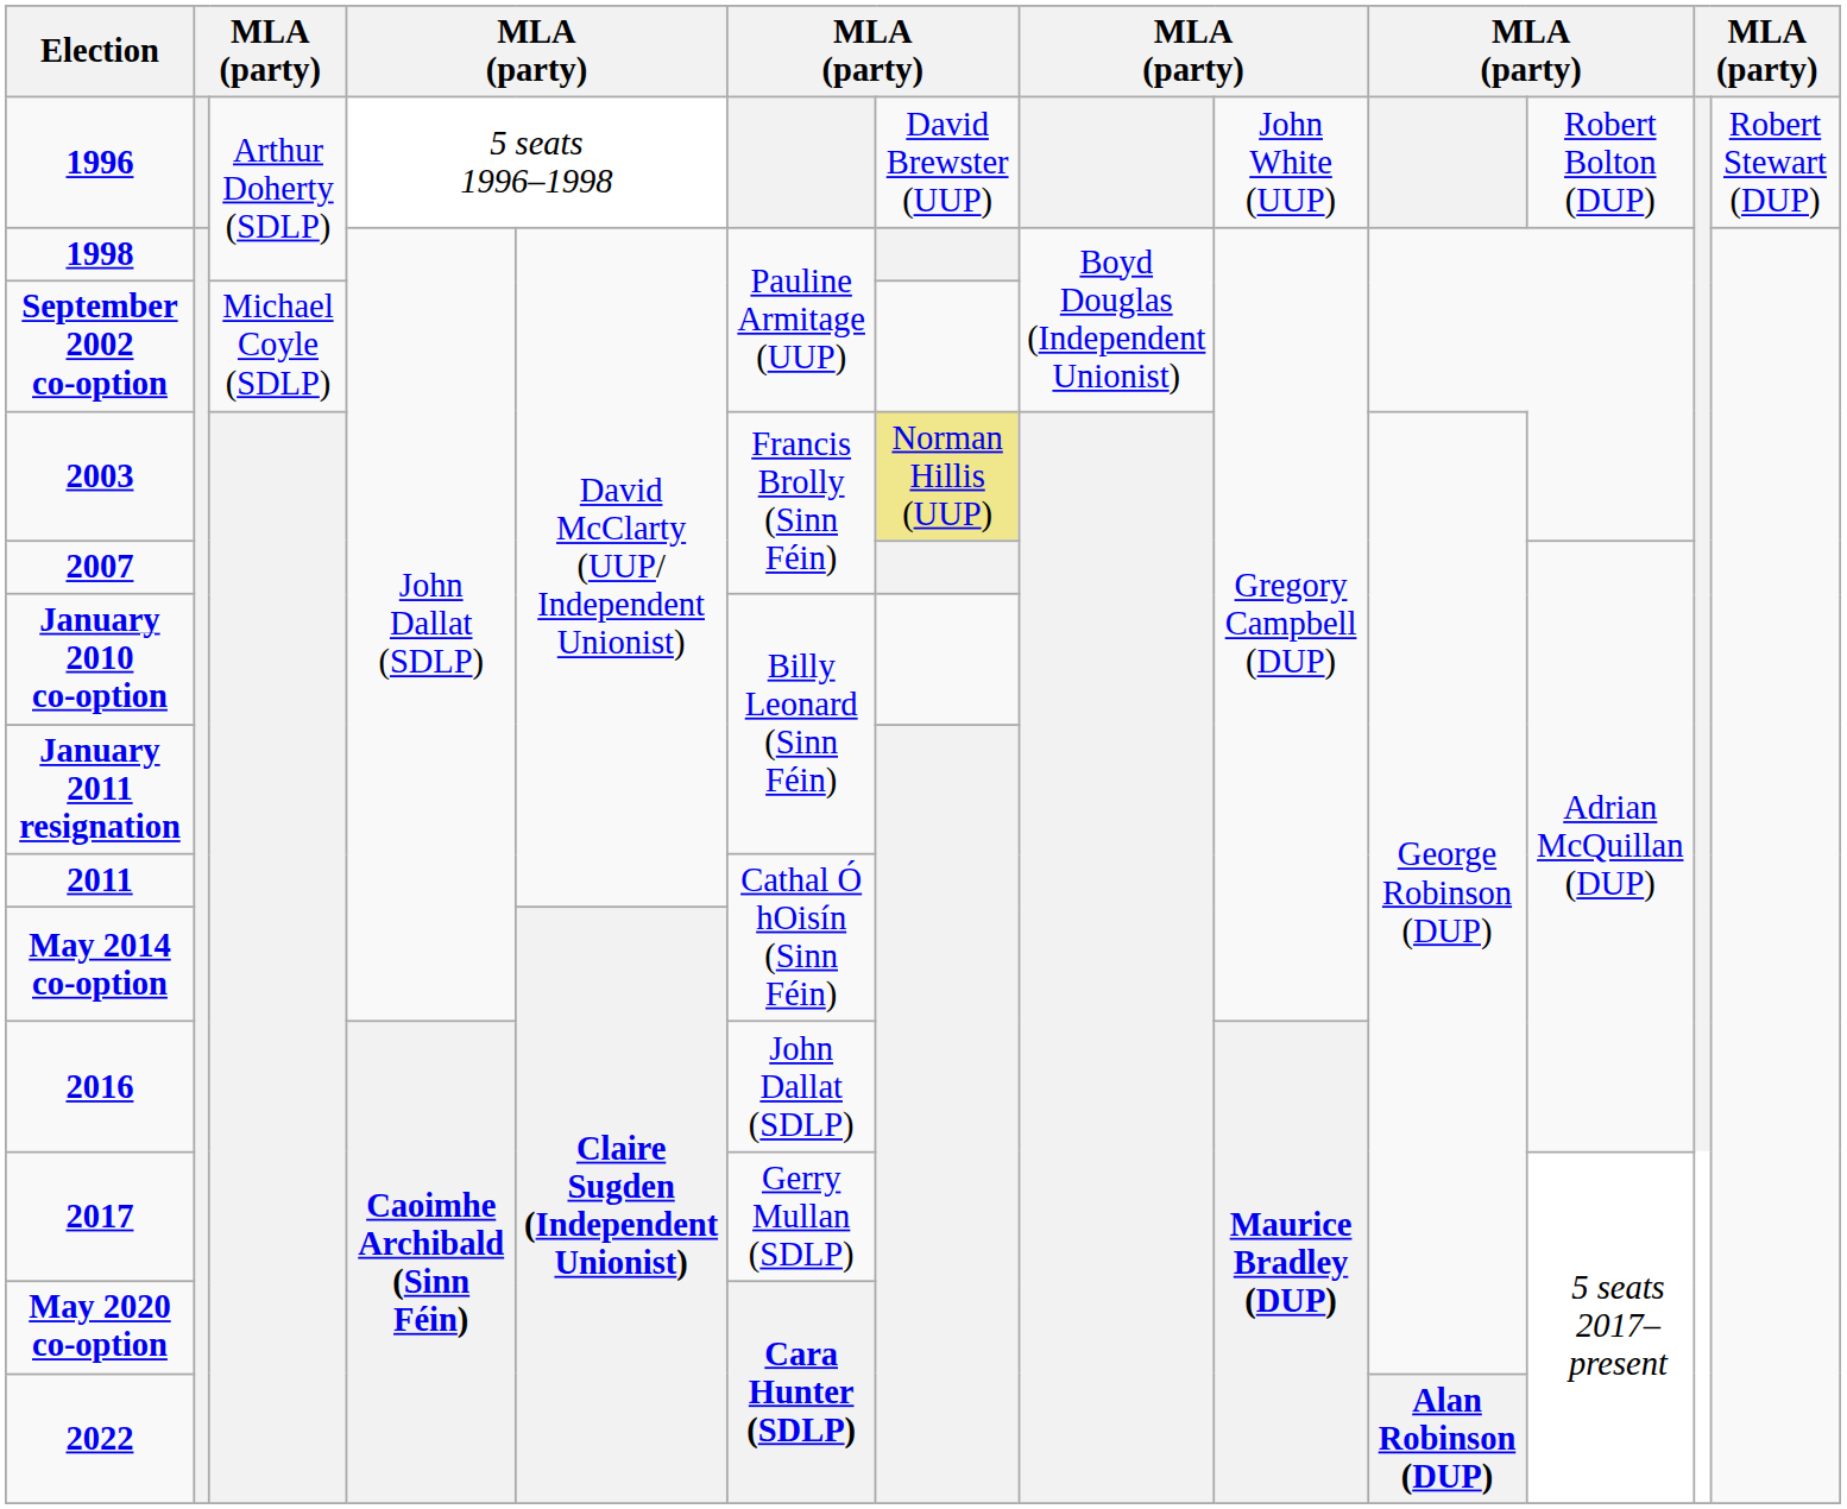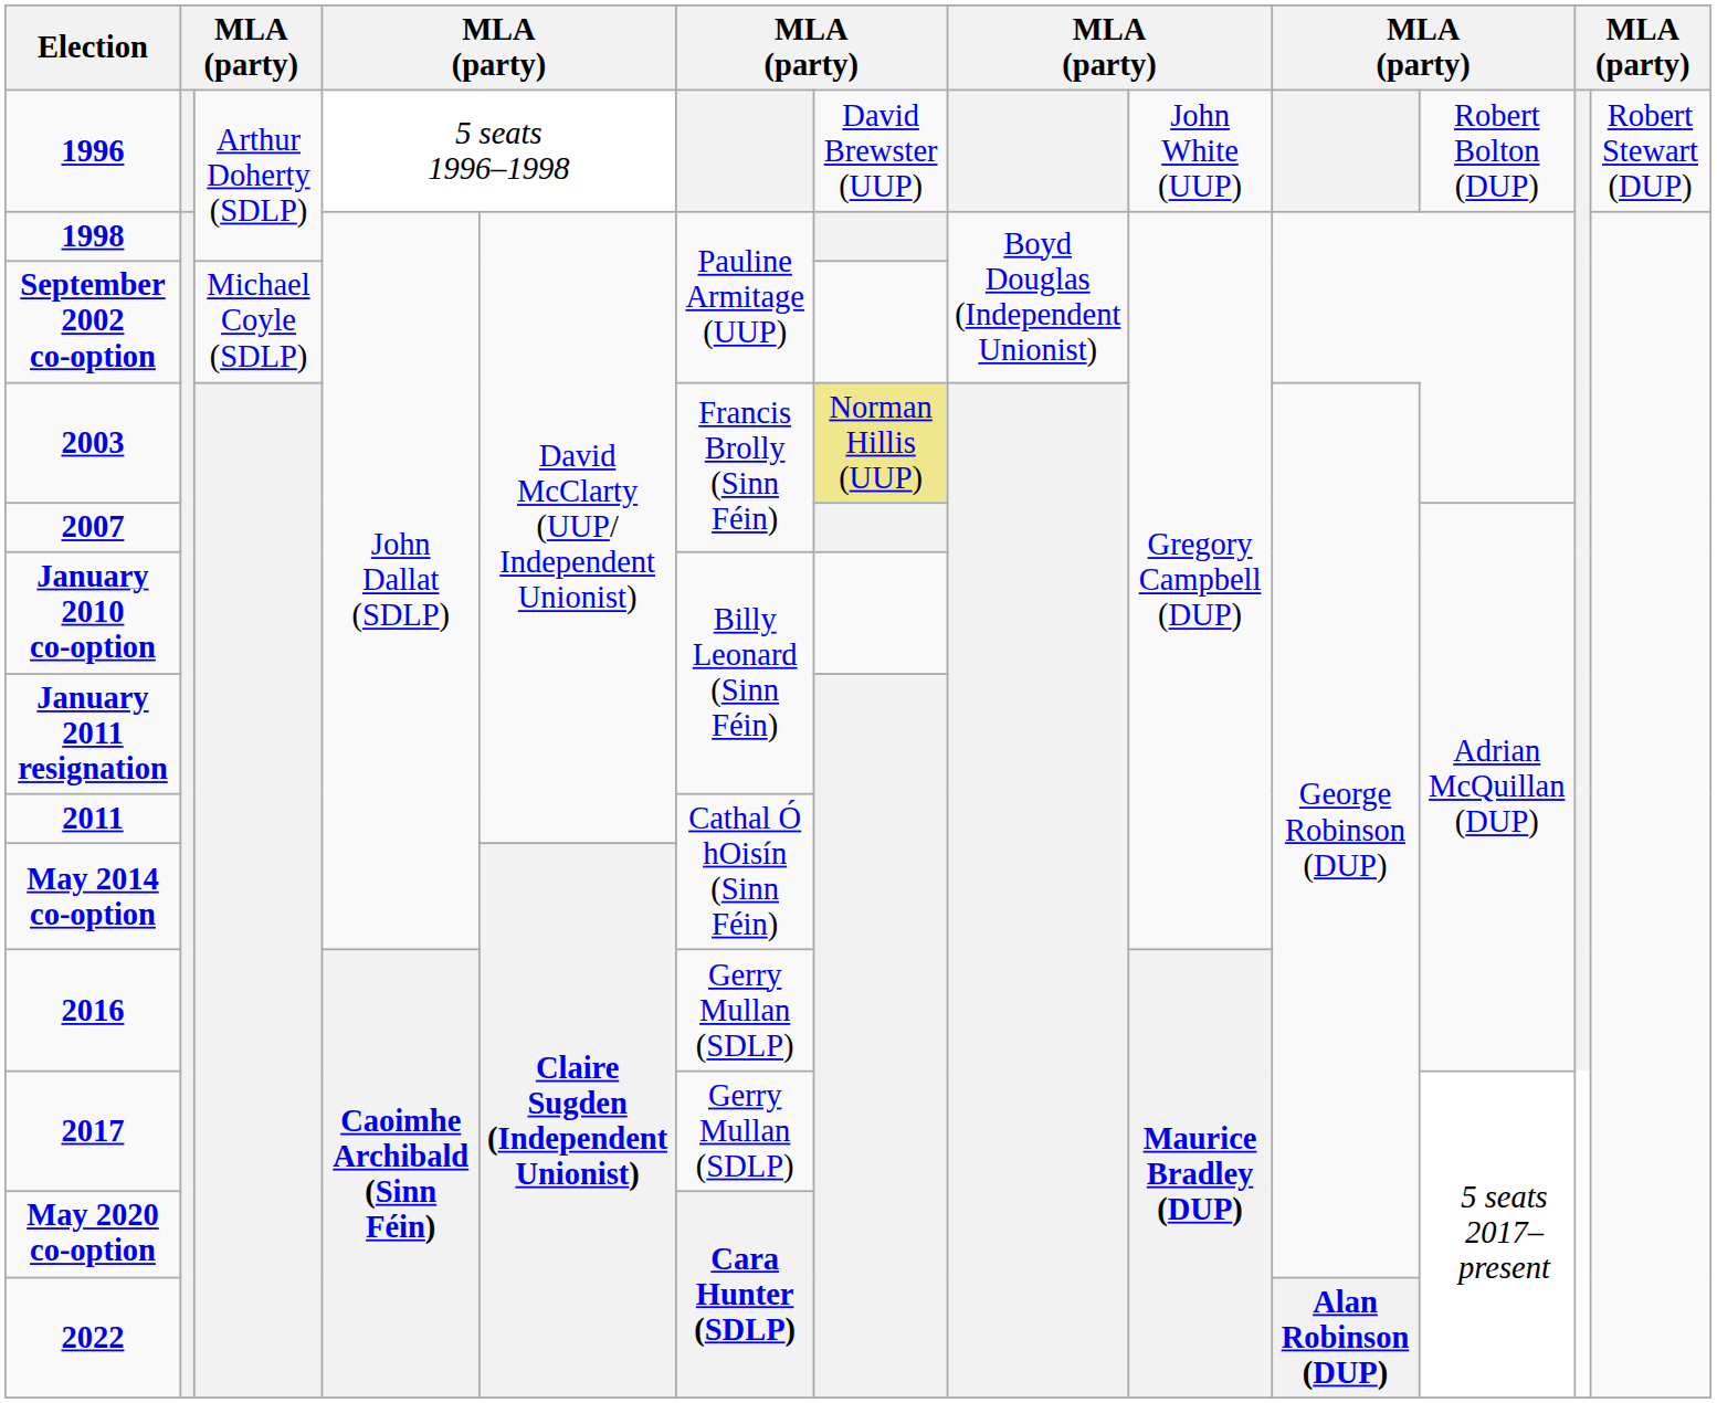 <table class="wikitable" style="text-align:center">
 <tr>
 <th>Election</th>
 <th scope="col" width="150" colspan = "2">MLA<br> (party)</th>
 <th scope="col" width="150" colspan = "2">MLA<br> (party)</th>
 <th scope="col" width="150" colspan = "2">MLA<br> (party)</th>
 <th scope="col" width="150" colspan = "2">MLA<br> (party)</th>
 <th scope="col" width="150" colspan = "2">MLA<br> (party)</th>
 <th scope="col" width="150" colspan = "2">MLA<br> (party)</th>
 </tr>
 <tr>
 <td><strong><a href='#'>1996</a></strong></td>
 <th style="background-color: "></th>
 <td rowspan=2><a href='#'>Arthur Doherty</a><br>(<a href='#'>SDLP</a>)</td>
 <td style="background-color:#FFFFFF" colspan=2><em>5 seats<br>1996–1998</em></td>
 <th style="background-color: "></th>
 <td><a href='#'>David Brewster</a><br>(<a href='#'>UUP</a>)</td>
 <th style="background-color: "></th>
 <td><a href='#'>John White</a><br>(<a href='#'>UUP</a>)</td>
 <th style="background-color: "></th>
 <td><a href='#'>Robert Bolton</a><br>(<a href='#'>DUP</a>)</td>
 <th rowspan="13" style="background-color: "></th>
 <td><a href='#'>Robert Stewart</a><br>(<a href='#'>DUP</a>)</td>
 </tr>
 <tr>
 <td><strong><a href='#'>1998</a></strong></td>
 <th rowspan="12" style="background-color: "></th>
 <td rowspan=8><a href='#'>John Dallat</a><br>(<a href='#'>SDLP</a>)</td>
 <td rowspan=7><a href='#'>David McClarty</a><br>(<a href='#'>UUP</a>/<br><a href='#'>Independent<br>Unionist</a>)</td>
 <td rowspan=2><a href='#'>Pauline Armitage</a><br>(<a href='#'>UUP</a>)</td>
 <th style="background-color: "></th>
 <td rowspan=2><a href='#'>Boyd Douglas</a><br>(<a href='#'>Independent<br>Unionist</a>)</td>
 <td rowspan=8><a href='#'>Gregory Campbell</a><br>(<a href='#'>DUP</a>)</td>
 </tr>
 <tr>
 <td><strong><a href='#'>September 2002<br>co-option</a></strong></td>
 <td><a href='#'>Michael Coyle</a><br>(<a href='#'>SDLP</a>)</td>
 </tr>
 <tr>
 <td><strong><a href='#'>2003</a></strong></td>
 <th rowspan="10" style="background-color: "></th>
 <td rowspan=2><a href='#'>Francis Brolly</a><br>(<a href='#'>Sinn Féin</a>)</td>
 <td style="background: khaki;"><a href='#'>Norman Hillis</a><br>(<a href='#'>UUP</a>)</td>
 <th rowspan="10" style="background-color: "></th>
 <td rowspan="9"><a href='#'>George Robinson</a><br>(<a href='#'>DUP</a>)</td>
 </tr>
 <tr>
 <td><strong><a href='#'>2007</a></strong></td>
 <th style="background-color: "></th>
 <td rowspan=6><a href='#'>Adrian McQuillan</a><br>(<a href='#'>DUP</a>)</td>
 </tr>
 <tr>
 <td><strong><a href='#'>January 2010<br>co-option</a></strong></td>
 <td rowspan="2"><a href='#'>Billy Leonard</a><br>(<a href='#'>Sinn Féin</a>)</td>
 </tr>
 <tr>
 <td><strong><a href='#'>January 2011 resignation</a></strong></td>
 <th rowspan="7" style="background-color: "></th>
 </tr>
 <tr>
 <td><strong><a href='#'>2011</a></strong></td>
 <td rowspan=2><a href='#'>Cathal Ó hOisín</a><br>(<a href='#'>Sinn Féin</a>)</td>
 </tr>
 <tr>
 <td><strong><a href='#'>May 2014<br>co-option</a></strong></td>
 <th rowspan="5"><a href='#'>Claire Sugden</a><br>(<a href='#'>Independent<br>Unionist</a>)</th>
 </tr>
 <tr>
 <td><strong><a href='#'>2016</a></strong></td>
 <th rowspan="4"><a href='#'>Caoimhe Archibald</a><br>(<a href='#'>Sinn Féin</a>)</th>
-<td><a href='#'>John Dallat</a><br>(<a href='#'>SDLP</a>)</td>
+<td><a href='#'>Gerry Mullan</a><br>(<a href='#'>SDLP</a>)</td>
 <th rowspan="4"><a href='#'>Maurice Bradley</a><br>(<a href='#'>DUP</a>)</th>
 </tr>
 <tr>
 <td><strong><a href='#'>2017</a></strong></td>
 <td><a href='#'>Gerry Mullan</a><br>(<a href='#'>SDLP</a>)</td>
 <td colspan="2" rowspan="3" style="background-color:#FFFFFF"><em>5 seats<br>2017–present</em></td>
 </tr>
 <tr>
 <td><strong><a href='#'>May 2020<br>co-option</a></strong></td>
 <th rowspan="2"><a href='#'>Cara Hunter</a><br>(<a href='#'>SDLP</a>)</th>
 </tr>
 <tr>
 <td><strong><a href='#'>2022</a></strong></td>
 <th><a href='#'>Alan Robinson</a><br>(<a href='#'>DUP</a>)</th>
 </tr>
 </table>
